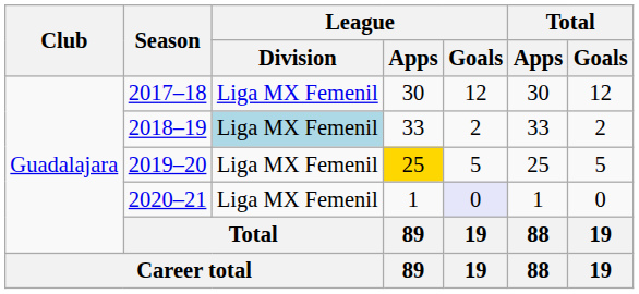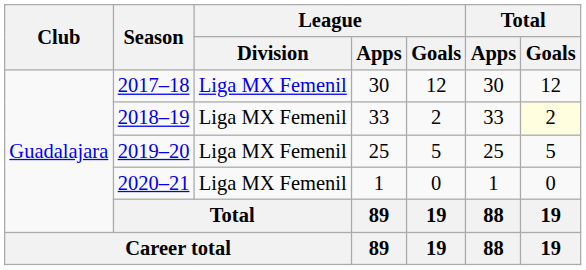 <table class=wikitable style="text-align: center;">
 <tr>
 <th rowspan=2>Club</th>
 <th rowspan=2>Season</th>
 <th colspan=3>League</th>
 <th colspan=2>Total</th>
 </tr>
 <tr>
 <th>Division</th>
 <th>Apps</th>
 <th>Goals</th>
 <th>Apps</th>
 <th>Goals</th>
 </tr>
 <tr>
 <td rowspan=5><a href='#'>Guadalajara</a></td>
 <td><a href='#'>2017–18</a></td>
 <td><a href='#'>Liga MX Femenil</a></td>
 <td>30</td>
 <td>12</td>
 <td>30</td>
 <td>12</td>
 </tr>
 <tr>
 <td><a href='#'>2018–19</a></td>
-<td style="background: lightblue;">Liga MX Femenil</td>
+<td>Liga MX Femenil</td>
 <td>33</td>
 <td>2</td>
 <td>33</td>
-<td>2</td>
+<td style="background: lightyellow;">2</td>
 </tr>
 <tr>
 <td><a href='#'>2019–20</a></td>
 <td>Liga MX Femenil</td>
-<td style="background: gold;">25</td>
+<td>25</td>
 <td>5</td>
 <td>25</td>
 <td>5</td>
 </tr>
 <tr>
 <td><a href='#'>2020–21</a></td>
 <td>Liga MX Femenil</td>
 <td>1</td>
-<td style="background: lavender;">0</td>
+<td>0</td>
 <td>1</td>
 <td>0</td>
 </tr>
 <tr>
 <th colspan=2>Total</th>
 <th>89</th>
 <th>19</th>
 <th>88</th>
 <th>19</th>
 </tr>
 <tr>
 <th colspan=3>Career total</th>
 <th>89</th>
 <th>19</th>
 <th>88</th>
 <th>19</th>
 </tr>
 </table>
